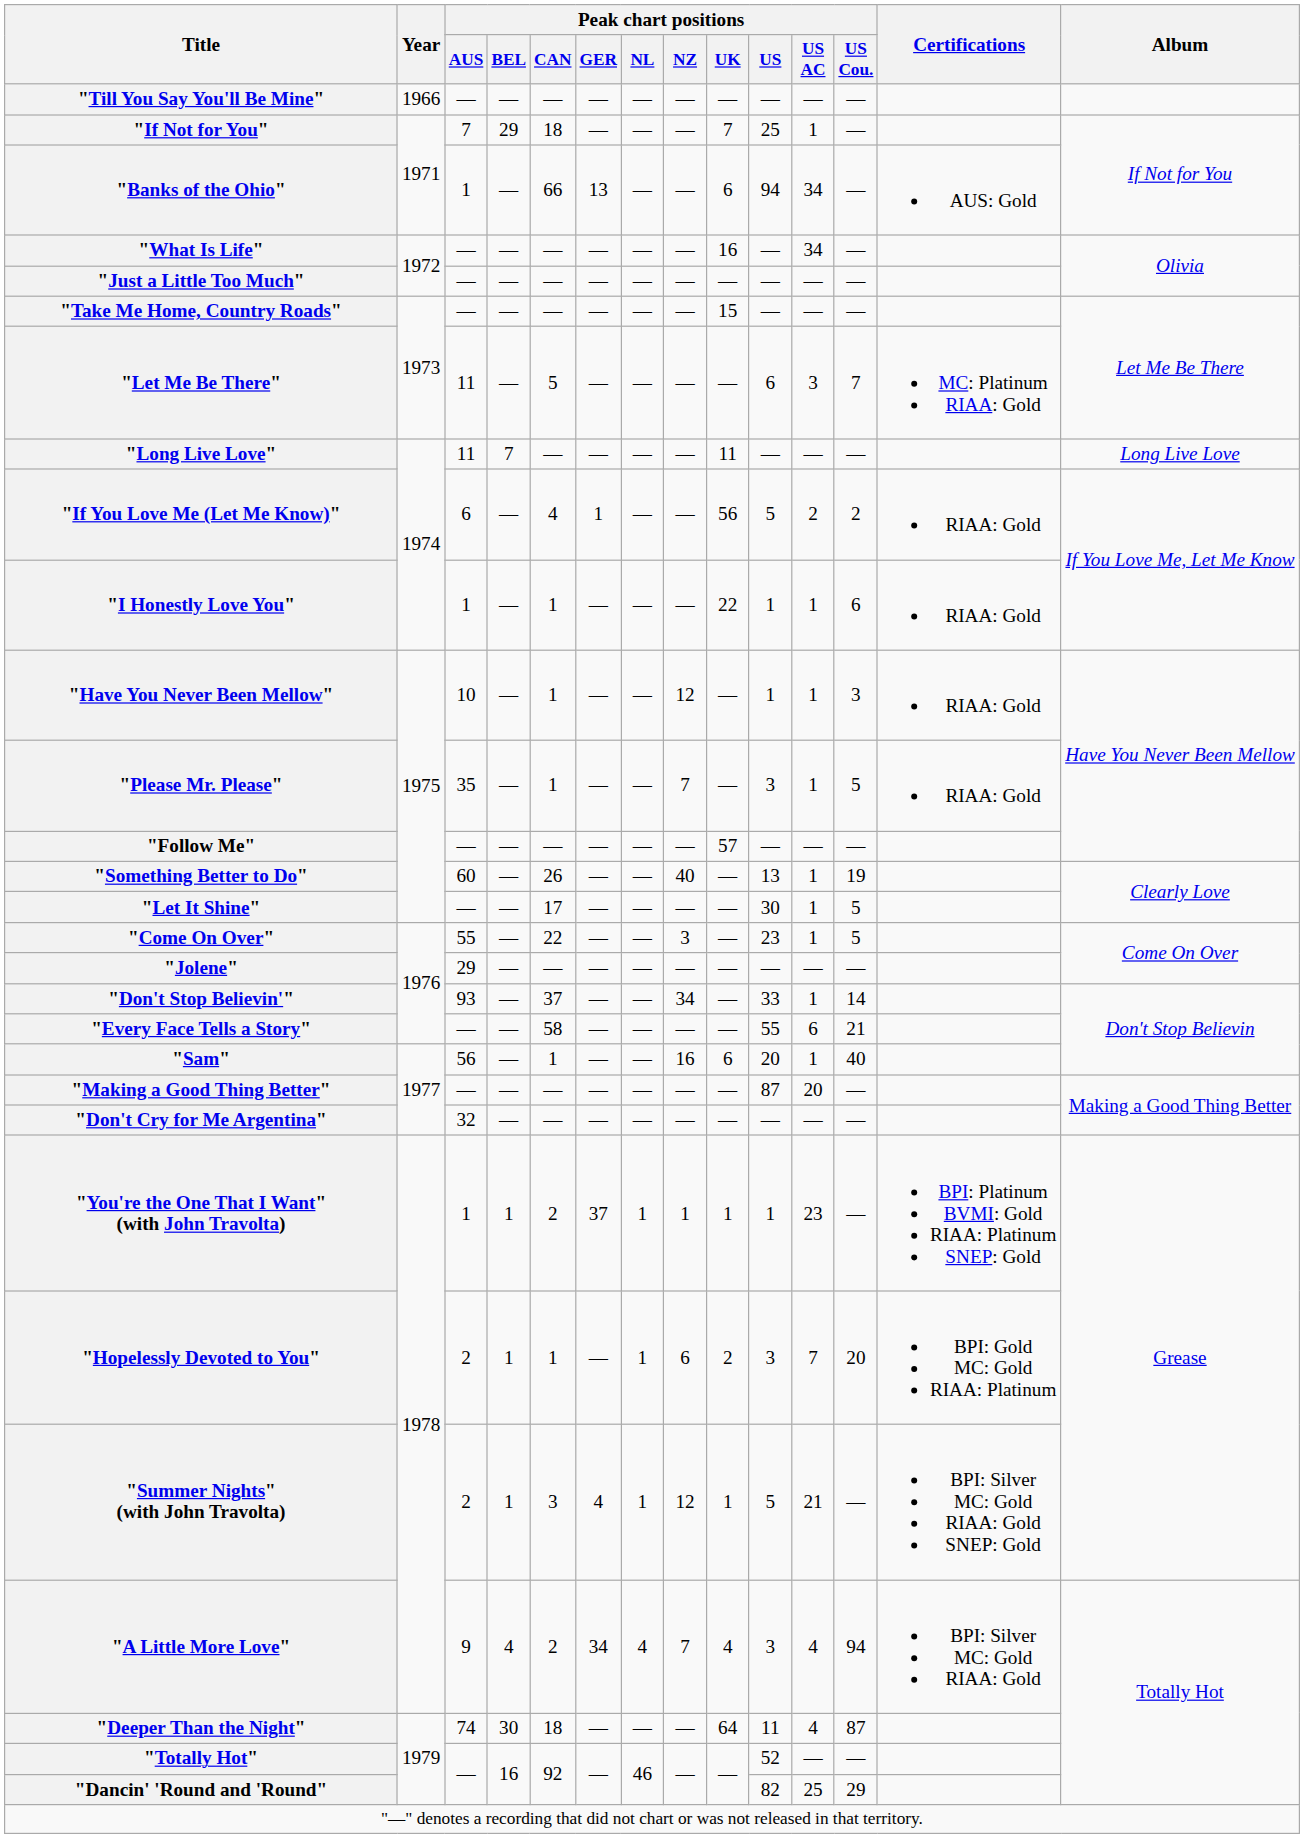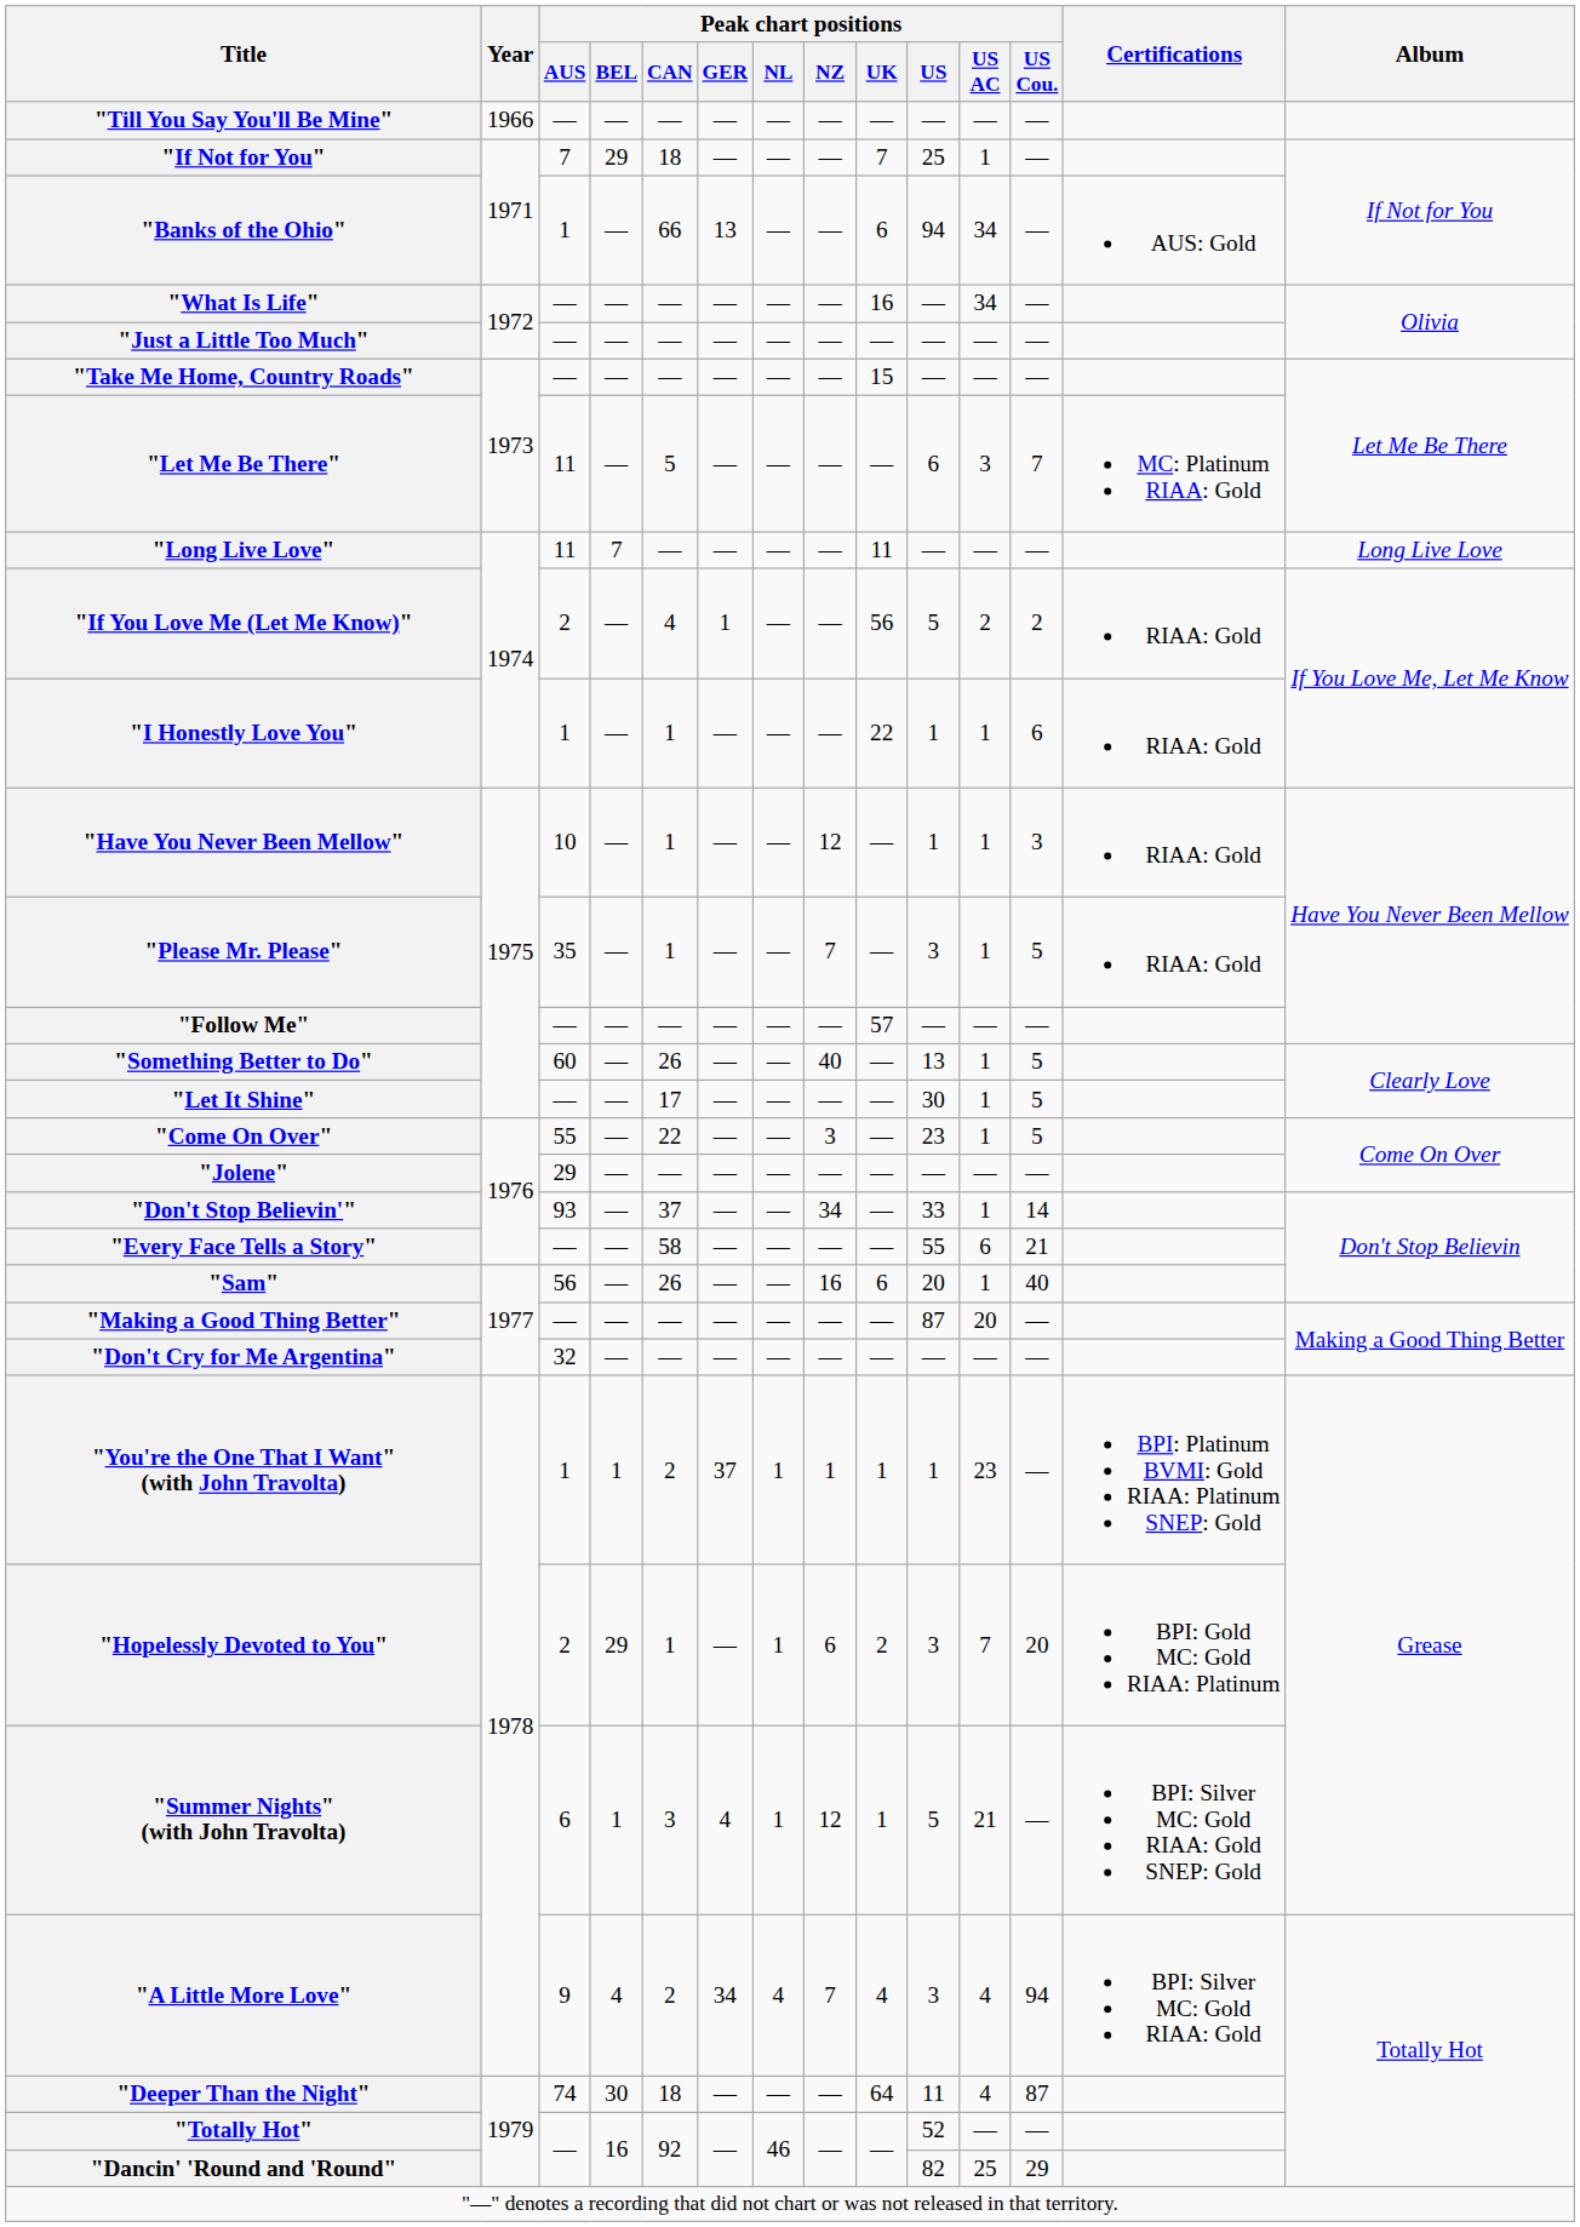 <table class="wikitable plainrowheaders" style="text-align:center;">
 <tr>
 <th scope="col" rowspan="2" style="width:20em;">Title</th>
 <th scope="col" rowspan="2">Year</th>
 <th scope="col" colspan="10">Peak chart positions</th>
 <th scope="col" rowspan="2"><a href='#'>Certifications</a></th>
 <th scope="col" rowspan="2">Album</th>
 </tr>
 <tr>
 <th scope="col" style="width:2em;font-size:90%;"><a href='#'>AUS</a><br></th>
 <th scope="col" style="width:2em;font-size:90%;"><a href='#'>BEL</a><br></th>
 <th scope="col" style="width:2em;font-size:90%;"><a href='#'>CAN</a><br></th>
 <th scope="col" style="width:2em;font-size:90%;"><a href='#'>GER</a><br></th>
 <th scope="col" style="width:2em;font-size:90%;"><a href='#'>NL</a><br></th>
 <th scope="col" style="width:2em;font-size:90%;"><a href='#'>NZ</a><br></th>
 <th scope="col" style="width:2em;font-size:90%;"><a href='#'>UK</a><br></th>
 <th scope="col" style="width:2em;font-size:90%;"><a href='#'>US</a><br></th>
 <th scope="col" style="width:2em;font-size:90%;"><a href='#'>US<br>AC</a><br></th>
 <th scope="col" style="width:2em;font-size:90%;"><a href='#'>US<br>Cou.</a><br></th>
 </tr>
 <tr>
 <th scope="row">"<a href='#'>Till You Say You'll Be Mine</a>"</th>
 <td>1966</td>
 <td>—</td>
 <td>—</td>
 <td>—</td>
 <td>—</td>
 <td>—</td>
 <td>—</td>
 <td>—</td>
 <td>—</td>
 <td>—</td>
 <td>—</td>
 <td></td>
 <td></td>
 </tr>
 <tr>
 <th scope="row">"<a href='#'>If Not for You</a>"</th>
 <td rowspan="2">1971</td>
 <td>7</td>
 <td>29</td>
 <td>18</td>
 <td>—</td>
 <td>—</td>
 <td>—</td>
 <td>7</td>
 <td>25</td>
 <td>1</td>
 <td>—</td>
 <td></td>
 <td rowspan="2"><em><a href='#'>If Not for You</a></em></td>
 </tr>
 <tr>
 <th scope="row">"<a href='#'>Banks of the Ohio</a>"</th>
 <td>1</td>
 <td>—</td>
 <td>66</td>
 <td>13</td>
 <td>—</td>
 <td>—</td>
 <td>6</td>
 <td>94</td>
 <td>34</td>
 <td>—</td>
 <td><br><ul><li>AUS: Gold</li></ul></td>
 </tr>
 <tr>
 <th scope="row">"<a href='#'>What Is Life</a>"</th>
 <td rowspan="2">1972</td>
 <td>—</td>
 <td>—</td>
 <td>—</td>
 <td>—</td>
 <td>—</td>
 <td>—</td>
 <td>16</td>
 <td>—</td>
 <td>34</td>
 <td>—</td>
 <td></td>
 <td rowspan="2"><em><a href='#'>Olivia</a></em></td>
 </tr>
 <tr>
 <th scope="row">"<a href='#'>Just a Little Too Much</a>"</th>
 <td>—</td>
 <td>—</td>
 <td>—</td>
 <td>—</td>
 <td>—</td>
 <td>—</td>
 <td>—</td>
 <td>—</td>
 <td>—</td>
 <td>—</td>
 <td></td>
 </tr>
 <tr>
 <th scope="row">"<a href='#'>Take Me Home, Country Roads</a>"</th>
 <td rowspan="2">1973</td>
 <td>—</td>
 <td>—</td>
 <td>—</td>
 <td>—</td>
 <td>—</td>
 <td>—</td>
 <td>15</td>
 <td>—</td>
 <td>—</td>
 <td>—</td>
 <td></td>
 <td rowspan="2"><em><a href='#'>Let Me Be There</a></em></td>
 </tr>
 <tr>
 <th scope="row">"<a href='#'>Let Me Be There</a>"</th>
 <td>11</td>
 <td>—</td>
 <td>5</td>
 <td>—</td>
 <td>—</td>
 <td>—</td>
 <td>—</td>
 <td>6</td>
 <td>3</td>
 <td>7</td>
 <td><br><ul><li><a href='#'>MC</a>: Platinum</li><li><a href='#'>RIAA</a>: Gold</li></ul></td>
 </tr>
 <tr>
 <th scope="row">"<a href='#'>Long Live Love</a>"</th>
 <td rowspan="3">1974</td>
 <td>11</td>
 <td>7</td>
 <td>—</td>
 <td>—</td>
 <td>—</td>
 <td>—</td>
 <td>11</td>
 <td>—</td>
 <td>—</td>
 <td>—</td>
 <td></td>
 <td><em><a href='#'>Long Live Love</a></em></td>
 </tr>
 <tr>
 <th scope="row">"<a href='#'>If You Love Me (Let Me Know)</a>"</th>
-<td>6</td>
+<td>2</td>
 <td>—</td>
 <td>4</td>
 <td>1</td>
 <td>—</td>
 <td>—</td>
 <td>56</td>
 <td>5</td>
 <td>2</td>
 <td>2</td>
 <td><br><ul><li>RIAA: Gold</li></ul></td>
 <td rowspan="2"><em><a href='#'>If You Love Me, Let Me Know</a></em></td>
 </tr>
 <tr>
 <th scope="row">"<a href='#'>I Honestly Love You</a>"</th>
 <td>1</td>
 <td>—</td>
 <td>1</td>
 <td>—</td>
 <td>—</td>
 <td>—</td>
 <td>22</td>
 <td>1</td>
 <td>1</td>
 <td>6</td>
 <td><br><ul><li>RIAA: Gold</li></ul></td>
 </tr>
 <tr>
 <th scope="row">"<a href='#'>Have You Never Been Mellow</a>"</th>
 <td rowspan="5">1975</td>
 <td>10</td>
 <td>—</td>
 <td>1</td>
 <td>—</td>
 <td>—</td>
 <td>12</td>
 <td>—</td>
 <td>1</td>
 <td>1</td>
 <td>3</td>
 <td><br><ul><li>RIAA: Gold</li></ul></td>
 <td rowspan="3"><em><a href='#'>Have You Never Been Mellow</a></em></td>
 </tr>
 <tr>
 <th scope="row">"<a href='#'>Please Mr. Please</a>"</th>
 <td>35</td>
 <td>—</td>
 <td>1</td>
 <td>—</td>
 <td>—</td>
 <td>7</td>
 <td>—</td>
 <td>3</td>
 <td>1</td>
 <td>5</td>
 <td><br><ul><li>RIAA: Gold</li></ul></td>
 </tr>
 <tr>
 <th scope="row">"Follow Me"</th>
 <td>—</td>
 <td>—</td>
 <td>—</td>
 <td>—</td>
 <td>—</td>
 <td>—</td>
 <td>57</td>
 <td>—</td>
 <td>—</td>
 <td>—</td>
 <td></td>
 </tr>
 <tr>
 <th scope="row">"<a href='#'>Something Better to Do</a>"</th>
 <td>60</td>
 <td>—</td>
 <td>26</td>
 <td>—</td>
 <td>—</td>
 <td>40</td>
 <td>—</td>
 <td>13</td>
 <td>1</td>
-<td>19</td>
+<td>5</td>
 <td></td>
 <td rowspan="2"><em><a href='#'>Clearly Love</a></em></td>
 </tr>
 <tr>
 <th scope="row">"<a href='#'>Let It Shine</a>"</th>
 <td>—</td>
 <td>—</td>
 <td>17</td>
 <td>—</td>
 <td>—</td>
 <td>—</td>
 <td>—</td>
 <td>30</td>
 <td>1</td>
 <td>5</td>
 <td></td>
 </tr>
 <tr>
 <th scope="row">"<a href='#'>Come On Over</a>"</th>
 <td rowspan="4">1976</td>
 <td>55</td>
 <td>—</td>
 <td>22</td>
 <td>—</td>
 <td>—</td>
 <td>3</td>
 <td>—</td>
 <td>23</td>
 <td>1</td>
 <td>5</td>
 <td></td>
 <td rowspan="2"><em><a href='#'>Come On Over</a></em></td>
 </tr>
 <tr>
 <th scope="row">"<a href='#'>Jolene</a>"</th>
 <td>29</td>
 <td>—</td>
 <td>—</td>
 <td>—</td>
 <td>—</td>
 <td>—</td>
 <td>—</td>
 <td>—</td>
 <td>—</td>
 <td>—</td>
 <td></td>
 </tr>
 <tr>
 <th scope="row">"<a href='#'>Don't Stop Believin'</a>"</th>
 <td>93</td>
 <td>—</td>
 <td>37</td>
 <td>—</td>
 <td>—</td>
 <td>34</td>
 <td>—</td>
 <td>33</td>
 <td>1</td>
 <td>14</td>
 <td></td>
 <td rowspan="3"><em><a href='#'>Don't Stop Believin</a><strong></td>
 </tr>
 <tr>
 <th scope="row">"<a href='#'>Every Face Tells a Story</a>"</th>
 <td>—</td>
 <td>—</td>
 <td>58</td>
 <td>—</td>
 <td>—</td>
 <td>—</td>
 <td>—</td>
 <td>55</td>
 <td>6</td>
 <td>21</td>
 <td></td>
 </tr>
 <tr>
 <th scope="row">"<a href='#'>Sam</a>"</th>
 <td rowspan="3">1977</td>
 <td>56</td>
 <td>—</td>
-<td>1</td>
+<td>26</td>
 <td>—</td>
 <td>—</td>
 <td>16</td>
 <td>6</td>
 <td>20</td>
 <td>1</td>
 <td>40</td>
 <td></td>
 </tr>
 <tr>
 <th scope="row">"<a href='#'>Making a Good Thing Better</a>"</th>
 <td>—</td>
 <td>—</td>
 <td>—</td>
 <td>—</td>
 <td>—</td>
 <td>—</td>
 <td>—</td>
 <td>87</td>
 <td>20</td>
 <td>—</td>
 <td></td>
 <td rowspan="2"></em><a href='#'>Making a Good Thing Better</a><em></td>
 </tr>
 <tr>
 <th scope="row">"<a href='#'>Don't Cry for Me Argentina</a>"</th>
 <td>32</td>
 <td>—</td>
 <td>—</td>
 <td>—</td>
 <td>—</td>
 <td>—</td>
 <td>—</td>
 <td>—</td>
 <td>—</td>
 <td>—</td>
 <td></td>
 </tr>
 <tr>
 <th scope="row">"<a href='#'>You're the One That I Want</a>"<br><span>(with <a href='#'>John Travolta</a>)</span></th>
 <td rowspan="4">1978</td>
 <td>1</td>
 <td>1</td>
 <td>2</td>
 <td>37</td>
 <td>1</td>
 <td>1</td>
 <td>1</td>
 <td>1</td>
 <td>23</td>
 <td>—</td>
 <td><br><ul><li><a href='#'>BPI</a>: Platinum</li><li><a href='#'>BVMI</a>: Gold</li><li>RIAA: Platinum</li><li><a href='#'>SNEP</a>: Gold</li></ul></td>
 <td rowspan="3"></em><a href='#'>Grease</a><em></td>
 </tr>
 <tr>
 <th scope="row">"<a href='#'>Hopelessly Devoted to You</a>"</th>
 <td>2</td>
-<td>1</td>
+<td>29</td>
 <td>1</td>
 <td>—</td>
 <td>1</td>
 <td>6</td>
 <td>2</td>
 <td>3</td>
 <td>7</td>
 <td>20</td>
 <td><br><ul><li>BPI: Gold</li><li>MC: Gold</li><li>RIAA: Platinum</li></ul></td>
 </tr>
 <tr>
 <th scope="row">"<a href='#'>Summer Nights</a>"<br><span>(with John Travolta)</span></th>
-<td>2</td>
+<td>6</td>
 <td>1</td>
 <td>3</td>
 <td>4</td>
 <td>1</td>
 <td>12</td>
 <td>1</td>
 <td>5</td>
 <td>21</td>
 <td>—</td>
 <td><br><ul><li>BPI: Silver</li><li>MC: Gold</li><li>RIAA: Gold</li><li>SNEP: Gold</li></ul></td>
 </tr>
 <tr>
 <th scope="row">"<a href='#'>A Little More Love</a>"</th>
 <td>9</td>
 <td>4</td>
 <td>2</td>
 <td>34</td>
 <td>4</td>
 <td>7</td>
 <td>4</td>
 <td>3</td>
 <td>4</td>
 <td>94</td>
 <td><br><ul><li>BPI: Silver</li><li>MC: Gold</li><li>RIAA: Gold</li></ul></td>
 <td rowspan="4"></em><a href='#'>Totally Hot</a><em></td>
 </tr>
 <tr>
 <th scope="row">"<a href='#'>Deeper Than the Night</a>"</th>
 <td rowspan="3">1979</td>
 <td>74</td>
 <td>30</td>
 <td>18</td>
 <td>—</td>
 <td>—</td>
 <td>—</td>
 <td>64</td>
 <td>11</td>
 <td>4</td>
 <td>87</td>
 <td></td>
 </tr>
 <tr>
 <th scope="row">"<a href='#'>Totally Hot</a>"</th>
 <td rowspan="2">—</td>
 <td rowspan="2">16</td>
 <td rowspan="2">92</td>
 <td rowspan="2">—</td>
 <td rowspan="2">46</td>
 <td rowspan="2">—</td>
 <td rowspan="2">—</td>
 <td>52</td>
 <td>—</td>
 <td>—</td>
 <td></td>
 </tr>
 <tr>
 <th scope="row">"Dancin' 'Round and 'Round"</th>
 <td>82</td>
 <td>25</td>
 <td>29</td>
 <td></td>
 </tr>
 <tr>
 <td colspan="15" style="font-size:90%">"—" denotes a recording that did not chart or was not released in that territory.</td>
 </tr>
 </table>
